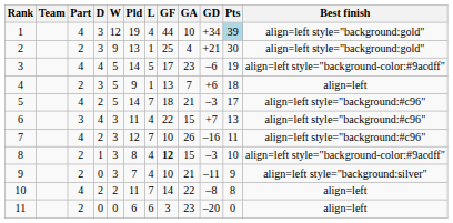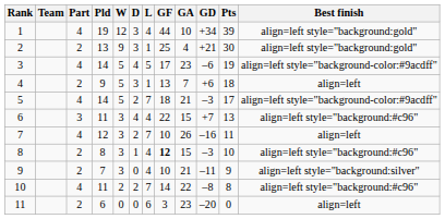 <table class="wikitable sortable" style="text-align:center">
 <tr>
 <th>Rank</th>
 <th>Team</th>
 <th>Part</th>
+<th>Pld</th>
+<th>W</th>
 <th>D</th>
-<th>W</th>
-<th>Pld</th>
 <th>L</th>
 <th>GF</th>
 <th>GA</th>
 <th>GD</th>
 <th>Pts</th>
 <th>Best finish</th>
 </tr>
 <tr>
 <td>1</td>
 <td style="text-align:left;"></td>
 <td>4</td>
+<td>19</td>
+<td>12</td>
 <td>3</td>
-<td>12</td>
-<td>19</td>
 <td>4</td>
 <td>44</td>
 <td>10</td>
 <td>+34</td>
-<td style="background: lightblue;">39</td>
+<td>39</td>
 <td>align=left style="background:gold"  </td>
 </tr>
 <tr>
 <td>2</td>
 <td style="text-align:left;"></td>
 <td>2</td>
+<td>13</td>
+<td>9</td>
 <td>3</td>
-<td>9</td>
-<td>13</td>
 <td>1</td>
 <td>25</td>
 <td>4</td>
 <td>+21</td>
 <td>30</td>
 <td>align=left style="background:gold"  </td>
 </tr>
 <tr>
 <td>3</td>
 <td style="text-align:left;"></td>
 <td>4</td>
+<td>14</td>
+<td>5</td>
 <td>4</td>
-<td>5</td>
-<td>14</td>
 <td>5</td>
 <td>17</td>
 <td>23</td>
 <td>–6</td>
 <td>19</td>
 <td>align=left style="background-color:#9acdff"  </td>
 </tr>
 <tr>
 <td>4</td>
 <td style="text-align:left;"></td>
 <td>2</td>
+<td>9</td>
+<td>5</td>
 <td>3</td>
-<td>5</td>
-<td>9</td>
 <td>1</td>
 <td>13</td>
 <td>7</td>
 <td>+6</td>
 <td>18</td>
 <td>align=left  </td>
 </tr>
 <tr>
 <td>5</td>
 <td style="text-align:left;"></td>
 <td>4</td>
+<td>14</td>
+<td>5</td>
 <td>2</td>
-<td>5</td>
-<td>14</td>
 <td>7</td>
 <td>18</td>
 <td>21</td>
 <td>–3</td>
 <td>17</td>
-<td>align=left style="background:#c96"  </td>
+<td>align=left style="background-color:#9acdff"  </td>
 </tr>
 <tr>
 <td>6</td>
 <td style="text-align:left;"></td>
 <td>3</td>
+<td>11</td>
+<td>3</td>
 <td>4</td>
-<td>3</td>
-<td>11</td>
 <td>4</td>
 <td>22</td>
 <td>15</td>
 <td>+7</td>
 <td>13</td>
 <td>align=left style="background:#c96"  </td>
 </tr>
 <tr>
 <td>7</td>
 <td style="text-align:left;"></td>
 <td>4</td>
+<td>12</td>
+<td>3</td>
 <td>2</td>
-<td>3</td>
-<td>12</td>
 <td>7</td>
 <td>10</td>
 <td>26</td>
 <td>–16</td>
 <td>11</td>
-<td>align=left style="background:#c96"  </td>
+<td>align=left  </td>
 </tr>
 <tr>
 <td>8</td>
 <td style="text-align:left;"></td>
 <td>2</td>
+<td>8</td>
+<td>3</td>
 <td>1</td>
-<td>3</td>
-<td>8</td>
 <td>4</td>
 <td><strong>12</strong></td>
 <td>15</td>
 <td>–3</td>
 <td>10</td>
-<td>align=left style="background-color:#9acdff"  </td>
+<td>align=left style="background:#c96"  </td>
 </tr>
 <tr>
 <td>9</td>
 <td style="text-align:left;"></td>
 <td>2</td>
+<td>7</td>
+<td>3</td>
 <td>0</td>
-<td>3</td>
-<td>7</td>
 <td>4</td>
 <td>10</td>
 <td>21</td>
 <td>–11</td>
 <td>9</td>
 <td>align=left style="background:silver"  </td>
 </tr>
 <tr>
 <td>10</td>
 <td style="text-align:left;"></td>
 <td>4</td>
+<td>11</td>
 <td>2</td>
 <td>2</td>
-<td>11</td>
 <td>7</td>
 <td>14</td>
 <td>22</td>
 <td>–8</td>
 <td>8</td>
-<td>align=left  </td>
+<td>align=left style="background:#c96"  </td>
 </tr>
 <tr>
 <td>11</td>
 <td style="text-align:left;"></td>
 <td>2</td>
+<td>6</td>
 <td>0</td>
 <td>0</td>
-<td>6</td>
 <td>6</td>
 <td>3</td>
 <td>23</td>
 <td>–20</td>
 <td>0</td>
 <td>align=left  </td>
 </tr>
 </table>
